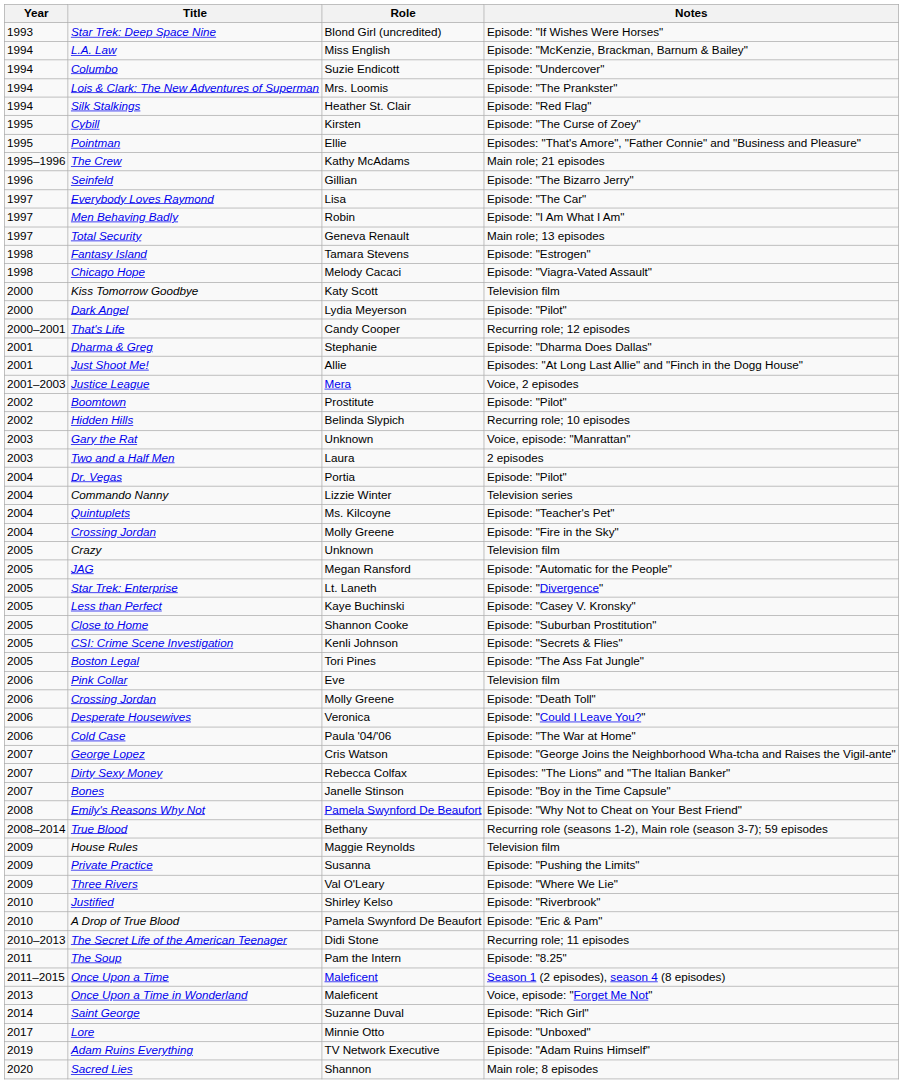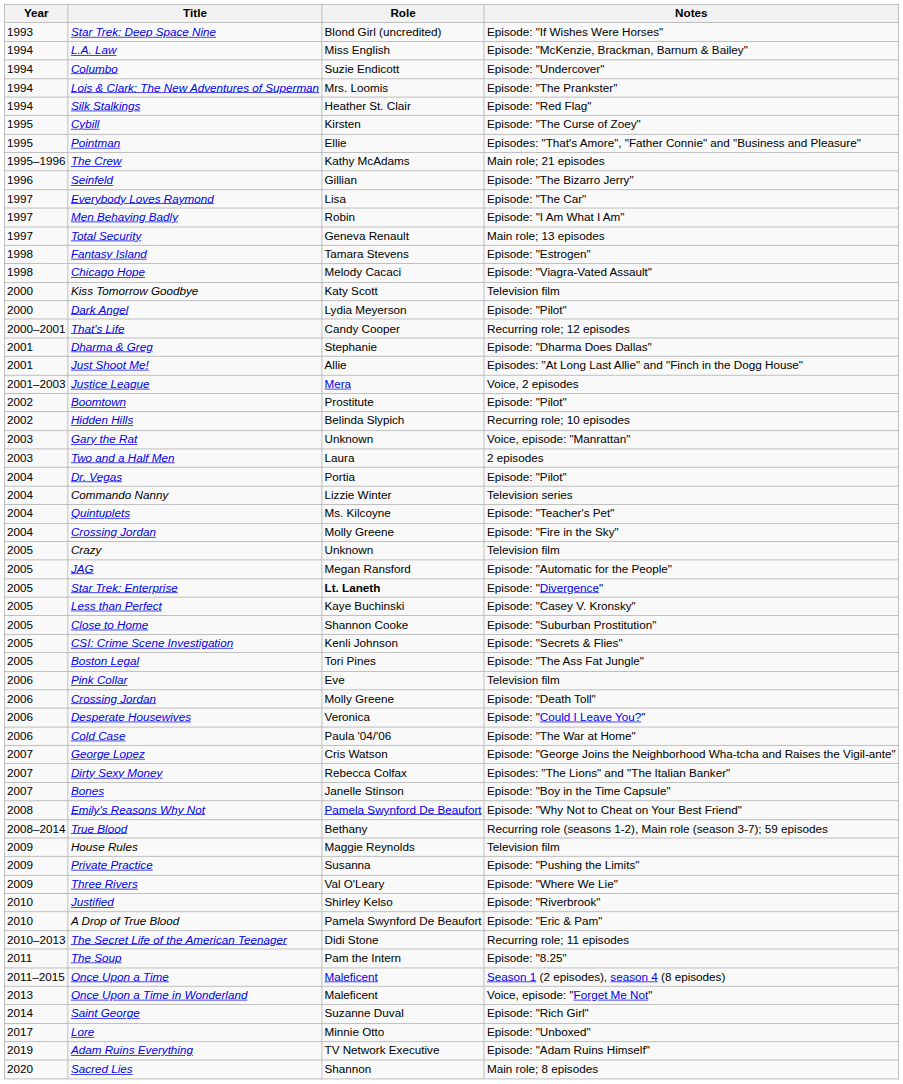 <table class="wikitable sortable">
 <tr>
 <th>Year</th>
 <th>Title</th>
 <th>Role</th>
 <th class="unsortable">Notes</th>
 </tr>
 <tr>
 <td>1993</td>
 <td><em><a href='#'>Star Trek: Deep Space Nine</a></em></td>
 <td>Blond Girl (uncredited)</td>
 <td>Episode: "If Wishes Were Horses"</td>
 </tr>
 <tr>
 <td>1994</td>
 <td><em><a href='#'>L.A. Law</a></em></td>
 <td>Miss English</td>
 <td>Episode: "McKenzie, Brackman, Barnum & Bailey"</td>
 </tr>
 <tr>
 <td>1994</td>
 <td><em><a href='#'>Columbo</a></em></td>
 <td>Suzie Endicott</td>
 <td>Episode: "Undercover"</td>
 </tr>
 <tr>
 <td>1994</td>
 <td><em><a href='#'>Lois & Clark: The New Adventures of Superman</a></em></td>
 <td>Mrs. Loomis</td>
 <td>Episode: "The Prankster"</td>
 </tr>
 <tr>
 <td>1994</td>
 <td><em><a href='#'>Silk Stalkings</a></em></td>
 <td>Heather St. Clair</td>
 <td>Episode: "Red Flag"</td>
 </tr>
 <tr>
 <td>1995</td>
 <td><em><a href='#'>Cybill</a></em></td>
 <td>Kirsten</td>
 <td>Episode: "The Curse of Zoey"</td>
 </tr>
 <tr>
 <td>1995</td>
 <td><em><a href='#'>Pointman</a></em></td>
 <td>Ellie</td>
 <td>Episodes: "That's Amore", "Father Connie" and  "Business and Pleasure"</td>
 </tr>
 <tr>
 <td>1995–1996</td>
 <td><em><a href='#'>The Crew</a></em></td>
 <td>Kathy McAdams</td>
 <td>Main role; 21 episodes</td>
 </tr>
 <tr>
 <td>1996</td>
 <td><em><a href='#'>Seinfeld</a></em></td>
 <td>Gillian</td>
 <td>Episode: "The Bizarro Jerry"</td>
 </tr>
 <tr>
 <td>1997</td>
 <td><em><a href='#'>Everybody Loves Raymond</a></em></td>
 <td>Lisa</td>
 <td>Episode: "The Car"</td>
 </tr>
 <tr>
 <td>1997</td>
 <td><em><a href='#'>Men Behaving Badly</a></em></td>
 <td>Robin</td>
 <td>Episode: "I Am What I Am"</td>
 </tr>
 <tr>
 <td>1997</td>
 <td><em><a href='#'>Total Security</a></em></td>
 <td>Geneva Renault</td>
 <td>Main role; 13 episodes</td>
 </tr>
 <tr>
 <td>1998</td>
 <td><em><a href='#'>Fantasy Island</a></em></td>
 <td>Tamara Stevens</td>
 <td>Episode: "Estrogen"</td>
 </tr>
 <tr>
 <td>1998</td>
 <td><em><a href='#'>Chicago Hope</a></em></td>
 <td>Melody Cacaci</td>
 <td>Episode: "Viagra-Vated Assault"</td>
 </tr>
 <tr>
 <td>2000</td>
 <td><em>Kiss Tomorrow Goodbye</em></td>
 <td>Katy Scott</td>
 <td>Television film</td>
 </tr>
 <tr>
 <td>2000</td>
 <td><em><a href='#'>Dark Angel</a></em></td>
 <td>Lydia Meyerson</td>
 <td>Episode: "Pilot"</td>
 </tr>
 <tr>
 <td>2000–2001</td>
 <td><em><a href='#'>That's Life</a></em></td>
 <td>Candy Cooper</td>
 <td>Recurring role; 12 episodes</td>
 </tr>
 <tr>
 <td>2001</td>
 <td><em><a href='#'>Dharma & Greg</a></em></td>
 <td>Stephanie</td>
 <td>Episode: "Dharma Does Dallas"</td>
 </tr>
 <tr>
 <td>2001</td>
 <td><em><a href='#'>Just Shoot Me!</a></em></td>
 <td>Allie</td>
 <td>Episodes: "At Long Last Allie" and "Finch in the Dogg House"</td>
 </tr>
 <tr>
 <td>2001–2003</td>
 <td><em><a href='#'>Justice League</a></em></td>
 <td><a href='#'>Mera</a></td>
 <td>Voice, 2 episodes</td>
 </tr>
 <tr>
 <td>2002</td>
 <td><em><a href='#'>Boomtown</a></em></td>
 <td>Prostitute</td>
 <td>Episode: "Pilot"</td>
 </tr>
 <tr>
 <td>2002</td>
 <td><em><a href='#'>Hidden Hills</a></em></td>
 <td>Belinda Slypich</td>
 <td>Recurring role; 10 episodes</td>
 </tr>
 <tr>
 <td>2003</td>
 <td><em><a href='#'>Gary the Rat</a></em></td>
 <td>Unknown</td>
 <td>Voice, episode: "Manrattan"</td>
 </tr>
 <tr>
 <td>2003</td>
 <td><em><a href='#'>Two and a Half Men</a></em></td>
 <td>Laura</td>
 <td>2 episodes</td>
 </tr>
 <tr>
 <td>2004</td>
 <td><em><a href='#'>Dr. Vegas</a></em></td>
 <td>Portia</td>
 <td>Episode: "Pilot"</td>
 </tr>
 <tr>
 <td>2004</td>
 <td><em>Commando Nanny</em></td>
 <td>Lizzie Winter</td>
 <td>Television series</td>
 </tr>
 <tr>
 <td>2004</td>
 <td><em><a href='#'>Quintuplets</a></em></td>
 <td>Ms. Kilcoyne</td>
 <td>Episode: "Teacher's Pet"</td>
 </tr>
 <tr>
 <td>2004</td>
 <td><em><a href='#'>Crossing Jordan</a></em></td>
 <td>Molly Greene</td>
 <td>Episode: "Fire in the Sky"</td>
 </tr>
 <tr>
 <td>2005</td>
 <td><em>Crazy</em></td>
 <td>Unknown</td>
 <td>Television film</td>
 </tr>
 <tr>
 <td>2005</td>
 <td><em><a href='#'>JAG</a></em></td>
 <td>Megan Ransford</td>
 <td>Episode: "Automatic for the People"</td>
 </tr>
 <tr>
 <td>2005</td>
 <td><em><a href='#'>Star Trek: Enterprise</a></em></td>
-<td>Lt. Laneth</td>
+<td><strong>Lt. Laneth</strong></td>
 <td>Episode: "<a href='#'>Divergence</a>"</td>
 </tr>
 <tr>
 <td>2005</td>
 <td><em><a href='#'>Less than Perfect</a></em></td>
 <td>Kaye Buchinski</td>
 <td>Episode: "Casey V. Kronsky"</td>
 </tr>
 <tr>
 <td>2005</td>
 <td><em><a href='#'>Close to Home</a></em></td>
 <td>Shannon Cooke</td>
 <td>Episode: "Suburban Prostitution"</td>
 </tr>
 <tr>
 <td>2005</td>
 <td><em><a href='#'>CSI: Crime Scene Investigation</a></em></td>
 <td>Kenli Johnson</td>
 <td>Episode: "Secrets & Flies"</td>
 </tr>
 <tr>
 <td>2005</td>
 <td><em><a href='#'>Boston Legal</a></em></td>
 <td>Tori Pines</td>
 <td>Episode: "The Ass Fat Jungle"</td>
 </tr>
 <tr>
 <td>2006</td>
 <td><em><a href='#'>Pink Collar</a></em></td>
 <td>Eve</td>
 <td>Television film</td>
 </tr>
 <tr>
 <td>2006</td>
 <td><em><a href='#'>Crossing Jordan</a></em></td>
 <td>Molly Greene</td>
 <td>Episode: "Death Toll"</td>
 </tr>
 <tr>
 <td>2006</td>
 <td><em><a href='#'>Desperate Housewives</a></em></td>
 <td>Veronica</td>
 <td>Episode: "<a href='#'>Could I Leave You?</a>"</td>
 </tr>
 <tr>
 <td>2006</td>
 <td><em><a href='#'>Cold Case</a></em></td>
 <td>Paula '04/'06</td>
 <td>Episode: "The War at Home"</td>
 </tr>
 <tr>
 <td>2007</td>
 <td><em><a href='#'>George Lopez</a></em></td>
 <td>Cris Watson</td>
 <td>Episode: "George Joins the Neighborhood Wha-tcha and Raises the Vigil-ante"</td>
 </tr>
 <tr>
 <td>2007</td>
 <td><em><a href='#'>Dirty Sexy Money</a></em></td>
 <td>Rebecca Colfax</td>
 <td>Episodes: "The Lions" and "The Italian Banker"</td>
 </tr>
 <tr>
 <td>2007</td>
 <td><em><a href='#'>Bones</a></em></td>
 <td>Janelle Stinson</td>
 <td>Episode: "Boy in the Time Capsule"</td>
 </tr>
 <tr>
 <td>2008</td>
 <td><em><a href='#'>Emily's Reasons Why Not</a></em></td>
 <td><a href='#'>Pamela Swynford De Beaufort</a></td>
 <td>Episode: "Why Not to Cheat on Your Best Friend"</td>
 </tr>
 <tr>
 <td>2008–2014</td>
 <td><em><a href='#'>True Blood</a></em></td>
 <td>Bethany</td>
 <td>Recurring role (seasons 1-2), Main role (season 3-7); 59 episodes</td>
 </tr>
 <tr>
 <td>2009</td>
 <td><em>House Rules</em></td>
 <td>Maggie Reynolds</td>
 <td>Television film</td>
 </tr>
 <tr>
 <td>2009</td>
 <td><em><a href='#'>Private Practice</a></em></td>
 <td>Susanna</td>
 <td>Episode: "Pushing the Limits"</td>
 </tr>
 <tr>
 <td>2009</td>
 <td><em><a href='#'>Three Rivers</a></em></td>
 <td>Val O'Leary</td>
 <td>Episode: "Where We Lie"</td>
 </tr>
 <tr>
 <td>2010</td>
 <td><em><a href='#'>Justified</a></em></td>
 <td>Shirley Kelso</td>
 <td>Episode: "Riverbrook"</td>
 </tr>
 <tr>
 <td>2010</td>
 <td><em>A Drop of True Blood</em></td>
 <td>Pamela Swynford De Beaufort</td>
 <td>Episode: "Eric & Pam"</td>
 </tr>
 <tr>
 <td>2010–2013</td>
 <td><em><a href='#'>The Secret Life of the American Teenager</a></em></td>
 <td>Didi Stone</td>
 <td>Recurring role; 11 episodes</td>
 </tr>
 <tr>
 <td>2011</td>
 <td><em><a href='#'>The Soup</a></em></td>
 <td>Pam the Intern</td>
 <td>Episode: "8.25"</td>
 </tr>
 <tr>
 <td>2011–2015</td>
 <td><em><a href='#'>Once Upon a Time</a></em></td>
 <td><a href='#'>Maleficent</a></td>
 <td><a href='#'>Season 1</a> (2 episodes), <a href='#'>season 4</a> (8 episodes)</td>
 </tr>
 <tr>
 <td>2013</td>
 <td><em><a href='#'>Once Upon a Time in Wonderland</a></em></td>
 <td>Maleficent</td>
 <td>Voice, episode: "<a href='#'>Forget Me Not</a>"</td>
 </tr>
 <tr>
 <td>2014</td>
 <td><em><a href='#'>Saint George</a></em></td>
 <td>Suzanne Duval</td>
 <td>Episode: "Rich Girl"</td>
 </tr>
 <tr>
 <td>2017</td>
 <td><em><a href='#'>Lore</a></em></td>
 <td>Minnie Otto</td>
 <td>Episode: "Unboxed"</td>
 </tr>
 <tr>
 <td>2019</td>
 <td><em><a href='#'>Adam Ruins Everything</a></em></td>
 <td>TV Network Executive</td>
 <td>Episode: "Adam Ruins Himself"</td>
 </tr>
 <tr>
 <td>2020</td>
 <td><em><a href='#'>Sacred Lies</a></em></td>
 <td>Shannon</td>
 <td>Main role; 8 episodes</td>
 </tr>
 </table>
